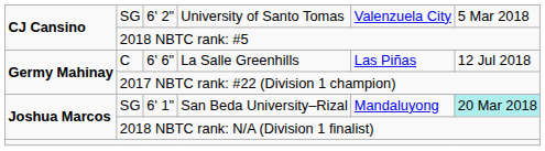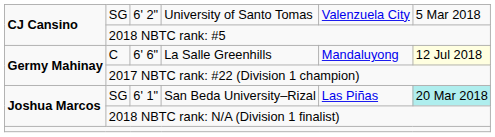 <table class=wikitable style="font-size:90%">
 <tr>
 <td rowspan=2><strong>CJ Cansino</strong></td>
 <td>SG</td>
 <td>6' 2"</td>
 <td>University of Santo Tomas</td>
 <td><a href='#'>Valenzuela City</a></td>
 <td>5 Mar 2018</td>
 </tr>
 <tr>
 <td colspan=5>2018 NBTC rank: #5</td>
 </tr>
 <tr>
 <td rowspan=2><strong>Germy Mahinay</strong></td>
 <td>C</td>
 <td>6' 6"</td>
 <td>La Salle Greenhills</td>
-<td><a href='#'>Las Piñas</a></td>
-<td>12 Jul 2018</td>
+<td><a href='#'>Mandaluyong</a></td>
+<td style="background: lightyellow;">12 Jul 2018</td>
 </tr>
 <tr>
 <td colspan=5>2017 NBTC rank: #22 (Division 1 champion)</td>
 </tr>
 <tr>
 <td rowspan=2><strong>Joshua Marcos</strong></td>
 <td>SG</td>
 <td>6' 1"</td>
 <td>San Beda University–Rizal</td>
-<td><a href='#'>Mandaluyong</a></td>
+<td><a href='#'>Las Piñas</a></td>
 <td style="background: paleturquoise;">20 Mar 2018</td>
 </tr>
 <tr>
 <td colspan=5>2018 NBTC rank: N/A (Division 1 finalist)</td>
 </tr>
 <tr>
 <td colspan=6></td>
 </tr>
 </table>
